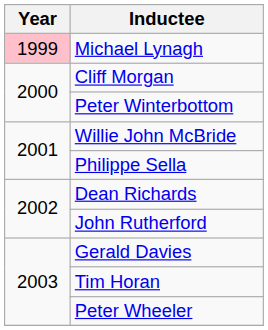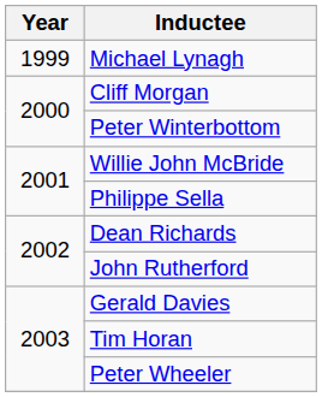 <table class="wikitable">
 <tr>
 <th width=50>Year</th>
 <th width=160>Inductee</th>
 </tr>
 <tr>
-<td align=center style="background: pink;">1999</td>
+<td align=center>1999</td>
 <td> <a href='#'>Michael Lynagh</a></td>
 </tr>
 <tr>
 <td align=center rowspan=2>2000</td>
 <td> <a href='#'>Cliff Morgan</a></td>
 </tr>
 <tr>
 <td> <a href='#'>Peter Winterbottom</a></td>
 </tr>
 <tr>
 <td align=center rowspan=2>2001</td>
 <td> <a href='#'>Willie John McBride</a></td>
 </tr>
 <tr>
 <td> <a href='#'>Philippe Sella</a></td>
 </tr>
 <tr>
 <td align=center rowspan=2>2002</td>
 <td> <a href='#'>Dean Richards</a></td>
 </tr>
 <tr>
 <td> <a href='#'>John Rutherford</a></td>
 </tr>
 <tr>
 <td align=center rowspan=3>2003</td>
 <td> <a href='#'>Gerald Davies</a></td>
 </tr>
 <tr>
 <td> <a href='#'>Tim Horan</a></td>
 </tr>
 <tr>
 <td> <a href='#'>Peter Wheeler</a></td>
 </tr>
 <tr>
 </tr>
 </table>
